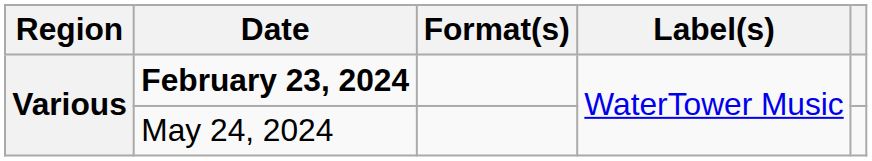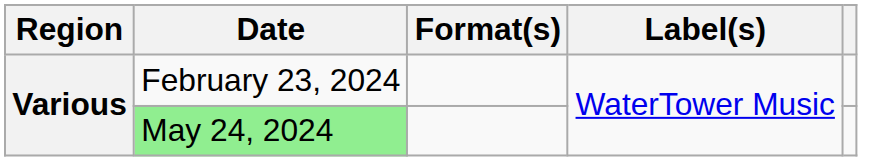 <table class="wikitable plainrowheaders">
 <tr>
 <th scope="col">Region</th>
 <th scope="col">Date</th>
 <th scope="col">Format(s)</th>
 <th scope="col">Label(s)</th>
 <th scope="col"></th>
 </tr>
 <tr>
 <th scope="row" rowspan="2">Various</th>
-<td><strong>February 23, 2024</strong></td>
+<td>February 23, 2024</td>
 <td></td>
 <td rowspan="2"><a href='#'>WaterTower Music</a></td>
 <td style="text-align:center;"></td>
 </tr>
 <tr>
-<td>May 24, 2024</td>
+<td style="background: lightgreen;">May 24, 2024</td>
 <td></td>
 <td style="text-align:center;"></td>
 </tr>
 </table>
